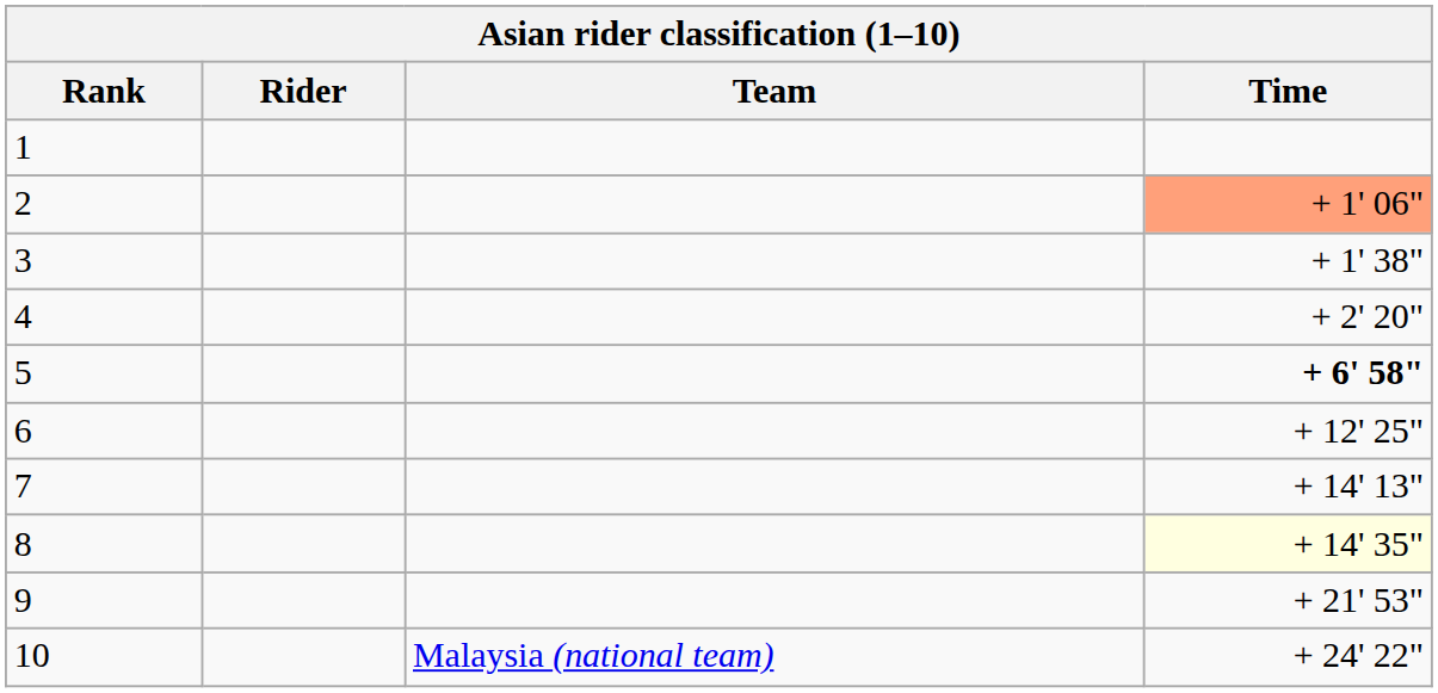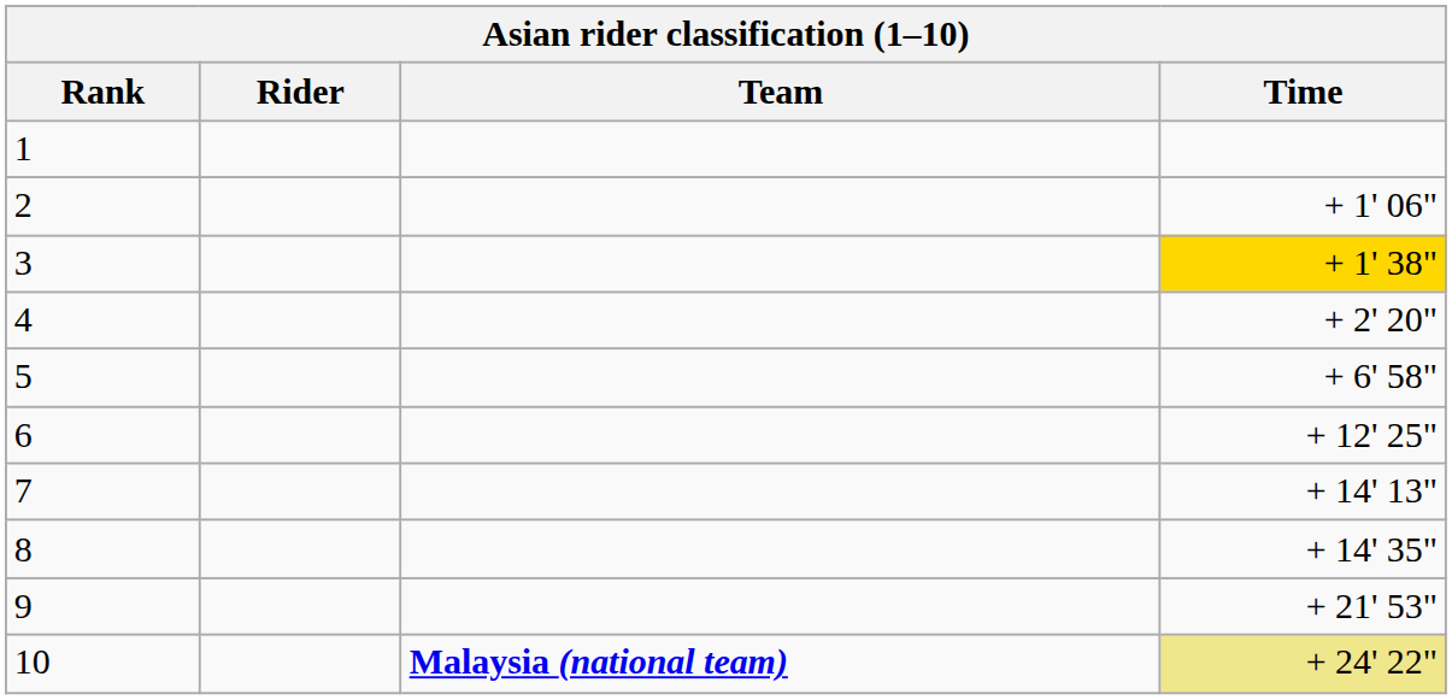 <table class="wikitable" style="width:40em;margin-bottom:0">
 <tr>
 <th colspan=4>Asian rider classification (1–10)</th>
 </tr>
 <tr>
 <th>Rank</th>
 <th>Rider</th>
 <th>Team</th>
 <th>Time</th>
 </tr>
 <tr>
 <td>1</td>
 <td> </td>
 <td></td>
 <td align=right></td>
 </tr>
 <tr>
 <td>2</td>
 <td></td>
 <td></td>
-<td align=right style="background: lightsalmon;">+ 1' 06"</td>
+<td align=right>+ 1' 06"</td>
 </tr>
 <tr>
 <td>3</td>
 <td></td>
 <td></td>
-<td align=right>+ 1' 38"</td>
+<td align=right style="background: gold;">+ 1' 38"</td>
 </tr>
 <tr>
 <td>4</td>
 <td></td>
 <td></td>
 <td align=right>+ 2' 20"</td>
 </tr>
 <tr>
 <td>5</td>
 <td></td>
 <td></td>
-<td align=right><strong>+ 6' 58"</strong></td>
+<td align=right>+ 6' 58"</td>
 </tr>
 <tr>
 <td>6</td>
 <td></td>
 <td></td>
 <td align=right>+ 12' 25"</td>
 </tr>
 <tr>
 <td>7</td>
 <td></td>
 <td></td>
 <td align=right>+ 14' 13"</td>
 </tr>
 <tr>
 <td>8</td>
 <td></td>
 <td></td>
-<td align=right style="background: lightyellow;">+ 14' 35"</td>
+<td align=right>+ 14' 35"</td>
 </tr>
 <tr>
 <td>9</td>
 <td></td>
 <td></td>
 <td align=right>+ 21' 53"</td>
 </tr>
 <tr>
 <td>10</td>
 <td></td>
-<td><a href='#'>Malaysia <em>(national team)</em></a></td>
-<td align=right>+ 24' 22"</td>
+<td><strong><a href='#'>Malaysia <em>(national team)</em></a></strong></td>
+<td align=right style="background: khaki;">+ 24' 22"</td>
 </tr>
 </table>
